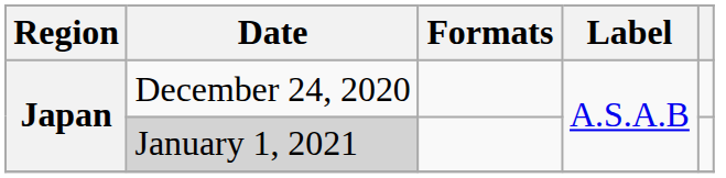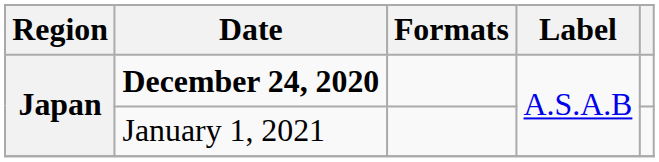 <table class="wikitable plainrowheaders">
 <tr>
 <th scope="col">Region</th>
 <th scope="col">Date</th>
 <th scope="col">Formats</th>
 <th scope="col">Label</th>
 <th scope="col"></th>
 </tr>
 <tr>
 <th rowspan="2">Japan</th>
-<td>December 24, 2020</td>
+<td><strong>December 24, 2020</strong></td>
 <td></td>
 <td rowspan="2"><a href='#'>A.S.A.B</a></td>
 <td></td>
 </tr>
 <tr>
-<td rowspan="1" style="background: lightgrey;">January 1, 2021</td>
+<td rowspan="1">January 1, 2021</td>
 <td></td>
 <td></td>
 </tr>
 <tr>
 </tr>
 </table>
